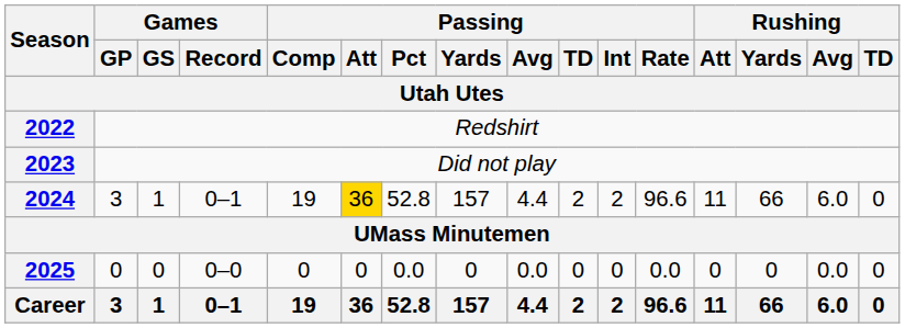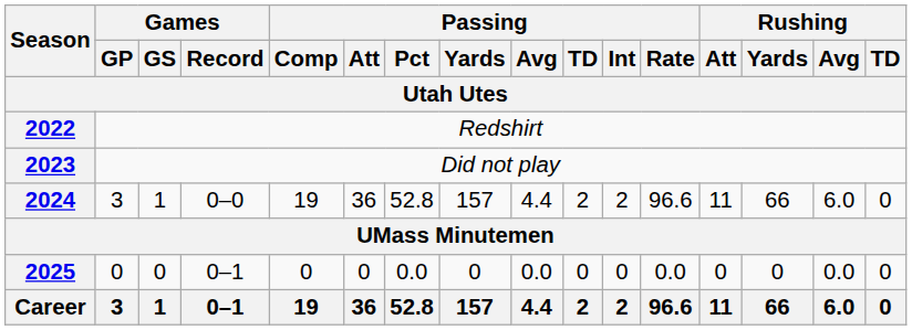 <table class="wikitable" style="text-align:center;">
 <tr>
 <th rowspan="2">Season</th>
 <th colspan="3">Games</th>
 <th colspan="8">Passing</th>
 <th colspan="5">Rushing</th>
 </tr>
 <tr>
 <th>GP</th>
 <th>GS</th>
 <th>Record</th>
 <th>Comp</th>
 <th>Att</th>
 <th>Pct</th>
 <th>Yards</th>
 <th>Avg</th>
 <th>TD</th>
 <th>Int</th>
 <th>Rate</th>
 <th>Att</th>
 <th>Yards</th>
 <th>Avg</th>
 <th>TD</th>
 </tr>
 <tr>
 <th colspan="17">Utah Utes</th>
 </tr>
 <tr>
 <th><a href='#'>2022</a></th>
 <td colspan="15"><em>Redshirt </em></td>
 </tr>
 <tr>
 <th><a href='#'>2023</a></th>
 <td colspan="15"><em>Did not play</em></td>
 </tr>
 <tr>
 <th><a href='#'>2024</a></th>
 <td>3</td>
 <td>1</td>
-<td>0–1</td>
+<td>0–0</td>
 <td>19</td>
-<td style="background: gold;">36</td>
+<td>36</td>
 <td>52.8</td>
 <td>157</td>
 <td>4.4</td>
 <td>2</td>
 <td>2</td>
 <td>96.6</td>
 <td>11</td>
 <td>66</td>
 <td>6.0</td>
 <td>0</td>
 </tr>
 <tr>
 <th colspan="17">UMass Minutemen</th>
 </tr>
 <tr>
 <th><a href='#'>2025</a></th>
 <td>0</td>
 <td>0</td>
-<td>0–0</td>
+<td>0–1</td>
 <td>0</td>
 <td>0</td>
 <td>0.0</td>
 <td>0</td>
 <td>0.0</td>
 <td>0</td>
 <td>0</td>
 <td>0.0</td>
 <td>0</td>
 <td>0</td>
 <td>0.0</td>
 <td>0</td>
 </tr>
 <tr>
 <th>Career</th>
 <th>3</th>
 <th>1</th>
 <th>0–1</th>
 <th>19</th>
 <th>36</th>
 <th>52.8</th>
 <th>157</th>
 <th>4.4</th>
 <th>2</th>
 <th>2</th>
 <th>96.6</th>
 <th>11</th>
 <th>66</th>
 <th>6.0</th>
 <th>0</th>
 </tr>
 </table>
